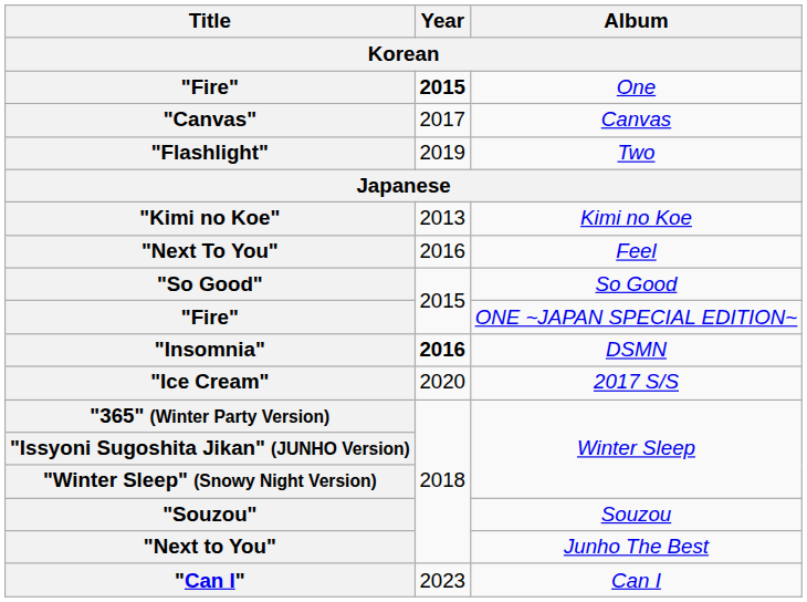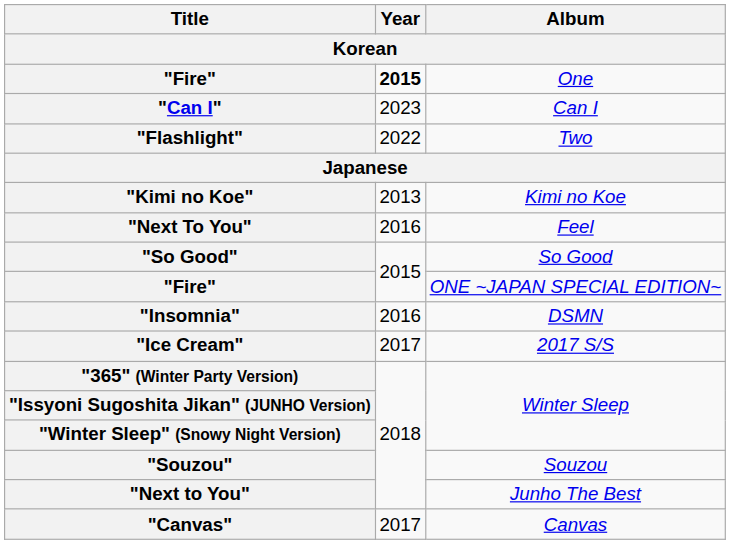 <table class="wikitable plainrowheaders" style="text-align:center;">
 <tr>
 <th>Title</th>
 <th>Year</th>
 <th>Album</th>
 </tr>
 <tr>
 <th colspan="3">Korean</th>
 </tr>
 <tr>
 <th scope="row">"Fire"</th>
 <td><strong>2015</strong></td>
 <td><em><a href='#'>One</a></em></td>
 </tr>
 <tr>
-<th scope="row">"Canvas"</th>
-<td>2017</td>
-<td><em><a href='#'>Canvas</a></em></td>
+<th scope="row">"<a href='#'>Can I</a>"</th>
+<td>2023</td>
+<td><em><a href='#'>Can I</a></em></td>
 </tr>
 <tr>
 <th scope="row">"Flashlight"</th>
-<td>2019</td>
+<td>2022</td>
 <td><em><a href='#'>Two</a></em></td>
 </tr>
 <tr>
 <th colspan="3">Japanese</th>
 </tr>
 <tr>
 <th scope="row">"Kimi no Koe"</th>
 <td>2013</td>
 <td><em><a href='#'>Kimi no Koe</a></em></td>
 </tr>
 <tr>
 <th scope="row">"Next To You"</th>
 <td>2016</td>
 <td><em><a href='#'>Feel</a></em></td>
 </tr>
 <tr>
 <th scope="row">"So Good"</th>
 <td rowspan="2">2015</td>
 <td><em><a href='#'>So Good</a></em></td>
 </tr>
 <tr>
 <th scope="row">"Fire"</th>
 <td><em><a href='#'>ONE ~JAPAN SPECIAL EDITION~</a></em></td>
 </tr>
 <tr>
 <th scope="row">"Insomnia"</th>
-<td><strong>2016</strong></td>
+<td>2016</td>
 <td><em><a href='#'>DSMN</a></em></td>
 </tr>
 <tr>
 <th scope="row">"Ice Cream"</th>
-<td>2020</td>
+<td>2017</td>
 <td><em><a href='#'>2017 S/S</a></em></td>
 </tr>
 <tr>
 <th scope="row">"365" <small>(Winter Party Version)</small></th>
 <td rowspan="5">2018</td>
 <td rowspan="3"><em><a href='#'>Winter Sleep</a></em></td>
 </tr>
 <tr>
 <th scope="row">"Issyoni Sugoshita Jikan" <small>(JUNHO Version)</small></th>
 </tr>
 <tr>
 <th scope="row">"Winter Sleep" <small>(Snowy Night Version)</small></th>
 </tr>
 <tr>
 <th scope="row">"Souzou"</th>
 <td><em><a href='#'>Souzou</a></em></td>
 </tr>
 <tr>
 <th scope="row">"Next to You"</th>
 <td><em><a href='#'>Junho The Best</a></em></td>
 </tr>
 <tr>
-<th scope="row">"<a href='#'>Can I</a>"</th>
-<td>2023</td>
-<td><em><a href='#'>Can I</a></em></td>
+<th scope="row">"Canvas"</th>
+<td>2017</td>
+<td><em><a href='#'>Canvas</a></em></td>
 </tr>
 </table>
